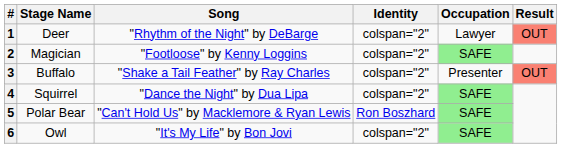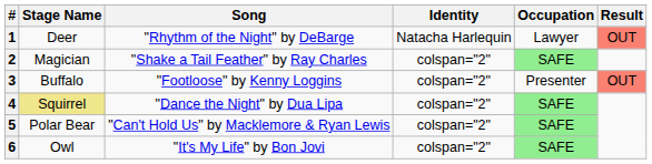 <table class="wikitable plainrowheaders" style="text-align: center;">
 <tr>
 <th><strong>#</strong></th>
 <th><strong>Stage Name</strong></th>
 <th><strong>Song</strong></th>
 <th>Identity</th>
 <th><strong>Occupation</strong></th>
 <th>Result</th>
 </tr>
 <tr>
 <th>1</th>
 <td>Deer</td>
 <td>"<a href='#'>Rhythm of the Night</a>" by <a href='#'>DeBarge</a></td>
-<td>colspan="2" </td>
+<td>Natacha Harlequin</td>
 <td>Lawyer</td>
 <td bgcolor="salmon">OUT</td>
 </tr>
 <tr>
 <th>2</th>
 <td>Magician</td>
-<td>"<a href='#'>Footloose</a>" by <a href='#'>Kenny Loggins</a></td>
+<td>"<a href='#'>Shake a Tail Feather</a>" by <a href='#'>Ray Charles</a></td>
 <td>colspan="2" </td>
 <td bgcolor="lightgreen">SAFE</td>
 </tr>
 <tr>
 <th>3</th>
 <td>Buffalo</td>
-<td>"<a href='#'>Shake a Tail Feather</a>" by <a href='#'>Ray Charles</a></td>
+<td>"<a href='#'>Footloose</a>" by <a href='#'>Kenny Loggins</a></td>
 <td>colspan="2" </td>
 <td>Presenter</td>
 <td bgcolor="salmon">OUT</td>
 </tr>
 <tr>
 <th>4</th>
-<td>Squirrel</td>
+<td style="background: khaki;">Squirrel</td>
 <td>"<a href='#'>Dance the Night</a>" by <a href='#'>Dua Lipa</a></td>
 <td>colspan="2" </td>
 <td bgcolor="lightgreen">SAFE</td>
 </tr>
 <tr>
 <th>5</th>
 <td>Polar Bear</td>
 <td>"<a href='#'>Can't Hold Us</a>" by <a href='#'>Macklemore & Ryan Lewis</a></td>
-<td><a href='#'>Ron Boszhard</a></td>
+<td>colspan="2" </td>
 <td bgcolor="lightgreen">SAFE</td>
 </tr>
 <tr>
 <th>6</th>
 <td>Owl</td>
 <td>"<a href='#'>It's My Life</a>" by <a href='#'>Bon Jovi</a></td>
 <td>colspan="2" </td>
 <td bgcolor="lightgreen">SAFE</td>
 </tr>
 </table>
